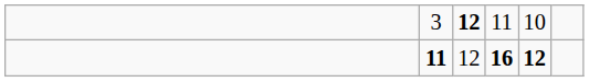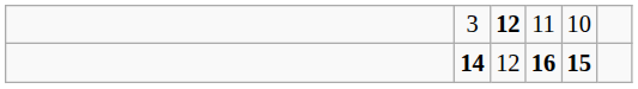 <table class="wikitable">
 <tr>
 <td style="width:18em"></td>
 <td align=center style="width:1em">3</td>
 <td align=center style="width:1em"><strong>12</strong></td>
 <td align=center style="width:1em">11</td>
 <td align=center style="width:1em">10</td>
 <td align=center style="width:1em"></td>
 </tr>
 <tr>
 <td style="width:18em"></td>
-<td align=center style="width:1em"><strong>11</strong></td>
+<td align=center style="width:1em"><strong>14</strong></td>
 <td align=center style="width:1em">12</td>
 <td align=center style="width:1em"><strong>16</strong></td>
-<td align=center style="width:1em"><strong>12</strong></td>
+<td align=center style="width:1em"><strong>15</strong></td>
 <td align=center style="width:1em"></td>
 </tr>
 </table>
